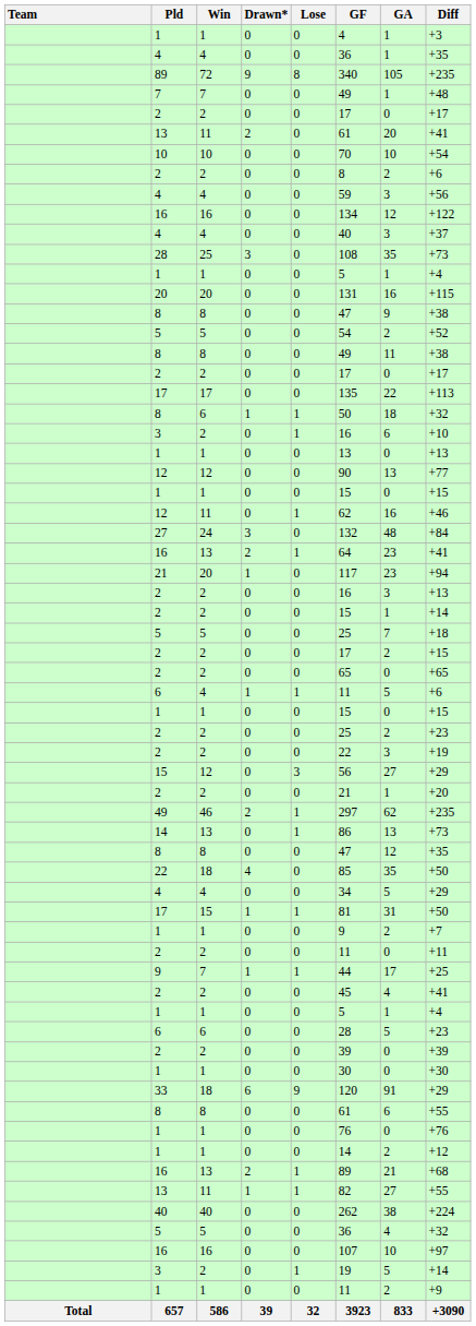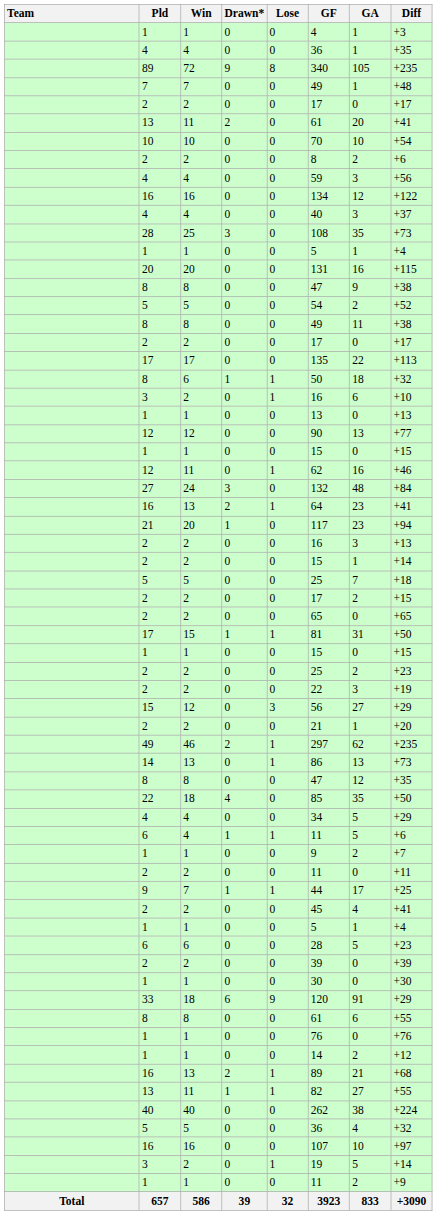 <table class="wikitable sortable collapsible ">
 <tr>
 <th style="width:180px; text-align:left;">Team</th>
 <th style="width:50px;">Pld</th>
 <th style="width:50px;">Win</th>
 <th style="width:50px;">Drawn*</th>
 <th style="width:50px;">Lose</th>
 <th style="width:50px;">GF</th>
 <th style="width:50px;">GA</th>
 <th style="width:50px;">Diff</th>
 </tr>
 <tr bgcolor=#CCFFCC>
 <td style="text-align:left;"></td>
 <td>1</td>
 <td>1</td>
 <td>0</td>
 <td>0</td>
 <td>4</td>
 <td>1</td>
 <td>+3</td>
 </tr>
 <tr bgcolor=#CCFFCC>
 <td style="text-align:left;"></td>
 <td>4</td>
 <td>4</td>
 <td>0</td>
 <td>0</td>
 <td>36</td>
 <td>1</td>
 <td>+35</td>
 </tr>
 <tr bgcolor=#CCFFCC>
 <td style="text-align:left;"></td>
 <td>89</td>
 <td>72</td>
 <td>9</td>
 <td>8</td>
 <td>340</td>
 <td>105</td>
 <td>+235</td>
 </tr>
 <tr bgcolor=#CCFFCC>
 <td style="text-align:left;"></td>
 <td>7</td>
 <td>7</td>
 <td>0</td>
 <td>0</td>
 <td>49</td>
 <td>1</td>
 <td>+48</td>
 </tr>
 <tr bgcolor=#CCFFCC>
 <td style="text-align:left;"></td>
 <td>2</td>
 <td>2</td>
 <td>0</td>
 <td>0</td>
 <td>17</td>
 <td>0</td>
 <td>+17</td>
 </tr>
 <tr bgcolor=#CCFFCC>
 <td style="text-align:left;"></td>
 <td>13</td>
 <td>11</td>
 <td>2</td>
 <td>0</td>
 <td>61</td>
 <td>20</td>
 <td>+41</td>
 </tr>
 <tr bgcolor=#CCFFCC>
 <td style="text-align:left;"></td>
 <td>10</td>
 <td>10</td>
 <td>0</td>
 <td>0</td>
 <td>70</td>
 <td>10</td>
 <td>+54</td>
 </tr>
 <tr bgcolor=#CCFFCC>
 <td style="text-align:left;"></td>
 <td>2</td>
 <td>2</td>
 <td>0</td>
 <td>0</td>
 <td>8</td>
 <td>2</td>
 <td>+6</td>
 </tr>
 <tr bgcolor=#CCFFCC>
 <td style="text-align:left;"></td>
 <td>4</td>
 <td>4</td>
 <td>0</td>
 <td>0</td>
 <td>59</td>
 <td>3</td>
 <td>+56</td>
 </tr>
 <tr bgcolor=#CCFFCC>
 <td style="text-align:left;"></td>
 <td>16</td>
 <td>16</td>
 <td>0</td>
 <td>0</td>
 <td>134</td>
 <td>12</td>
 <td>+122</td>
 </tr>
 <tr bgcolor=#CCFFCC>
 <td style="text-align:left;"></td>
 <td>4</td>
 <td>4</td>
 <td>0</td>
 <td>0</td>
 <td>40</td>
 <td>3</td>
 <td>+37</td>
 </tr>
 <tr bgcolor=#CCFFCC>
 <td style="text-align:left;"></td>
 <td>28</td>
 <td>25</td>
 <td>3</td>
 <td>0</td>
 <td>108</td>
 <td>35</td>
 <td>+73</td>
 </tr>
 <tr bgcolor=#CCFFCC>
 <td style="text-align:left;"></td>
 <td>1</td>
 <td>1</td>
 <td>0</td>
 <td>0</td>
 <td>5</td>
 <td>1</td>
 <td>+4</td>
 </tr>
 <tr bgcolor=#CCFFCC>
 <td style="text-align:left;"></td>
 <td>20</td>
 <td>20</td>
 <td>0</td>
 <td>0</td>
 <td>131</td>
 <td>16</td>
 <td>+115</td>
 </tr>
 <tr bgcolor=#CCFFCC>
 <td style="text-align:left;"></td>
 <td>8</td>
 <td>8</td>
 <td>0</td>
 <td>0</td>
 <td>47</td>
 <td>9</td>
 <td>+38</td>
 </tr>
 <tr bgcolor=#CCFFCC>
 <td style="text-align:left;"></td>
 <td>5</td>
 <td>5</td>
 <td>0</td>
 <td>0</td>
 <td>54</td>
 <td>2</td>
 <td>+52</td>
 </tr>
 <tr bgcolor=#CCFFCC>
 <td style="text-align:left;"></td>
 <td>8</td>
 <td>8</td>
 <td>0</td>
 <td>0</td>
 <td>49</td>
 <td>11</td>
 <td>+38</td>
 </tr>
 <tr bgcolor=#CCFFCC>
 <td style="text-align:left;"></td>
 <td>2</td>
 <td>2</td>
 <td>0</td>
 <td>0</td>
 <td>17</td>
 <td>0</td>
 <td>+17</td>
 </tr>
 <tr bgcolor=#CCFFCC>
 <td style="text-align:left;"></td>
 <td>17</td>
 <td>17</td>
 <td>0</td>
 <td>0</td>
 <td>135</td>
 <td>22</td>
 <td>+113</td>
 </tr>
 <tr bgcolor=#CCFFCC>
 <td style="text-align:left;"></td>
 <td>8</td>
 <td>6</td>
 <td>1</td>
 <td>1</td>
 <td>50</td>
 <td>18</td>
 <td>+32</td>
 </tr>
 <tr bgcolor=#CCFFCC>
 <td style="text-align:left;"></td>
 <td>3</td>
 <td>2</td>
 <td>0</td>
 <td>1</td>
 <td>16</td>
 <td>6</td>
 <td>+10</td>
 </tr>
 <tr bgcolor=#CCFFCC>
 <td style="text-align:left;"></td>
 <td>1</td>
 <td>1</td>
 <td>0</td>
 <td>0</td>
 <td>13</td>
 <td>0</td>
 <td>+13</td>
 </tr>
 <tr bgcolor=#CCFFCC>
 <td style="text-align:left;"></td>
 <td>12</td>
 <td>12</td>
 <td>0</td>
 <td>0</td>
 <td>90</td>
 <td>13</td>
 <td>+77</td>
 </tr>
 <tr bgcolor=#CCFFCC>
 <td style="text-align:left;"></td>
 <td>1</td>
 <td>1</td>
 <td>0</td>
 <td>0</td>
 <td>15</td>
 <td>0</td>
 <td>+15</td>
 </tr>
 <tr bgcolor=#CCFFCC>
 <td style="text-align:left;"></td>
 <td>12</td>
 <td>11</td>
 <td>0</td>
 <td>1</td>
 <td>62</td>
 <td>16</td>
 <td>+46</td>
 </tr>
 <tr bgcolor=#CCFFCC>
 <td style="text-align:left;"></td>
 <td>27</td>
 <td>24</td>
 <td>3</td>
 <td>0</td>
 <td>132</td>
 <td>48</td>
 <td>+84</td>
 </tr>
 <tr bgcolor=#CCFFCC>
 <td style="text-align:left;"></td>
 <td>16</td>
 <td>13</td>
 <td>2</td>
 <td>1</td>
 <td>64</td>
 <td>23</td>
 <td>+41</td>
 </tr>
 <tr bgcolor=#CCFFCC>
 <td style="text-align:left;"></td>
 <td>21</td>
 <td>20</td>
 <td>1</td>
 <td>0</td>
 <td>117</td>
 <td>23</td>
 <td>+94</td>
 </tr>
 <tr bgcolor=#CCFFCC>
 <td style="text-align:left;"></td>
 <td>2</td>
 <td>2</td>
 <td>0</td>
 <td>0</td>
 <td>16</td>
 <td>3</td>
 <td>+13</td>
 </tr>
 <tr bgcolor=#CCFFCC>
 <td style="text-align:left;"></td>
 <td>2</td>
 <td>2</td>
 <td>0</td>
 <td>0</td>
 <td>15</td>
 <td>1</td>
 <td>+14</td>
 </tr>
 <tr bgcolor=#CCFFCC>
 <td style="text-align:left;"></td>
 <td>5</td>
 <td>5</td>
 <td>0</td>
 <td>0</td>
 <td>25</td>
 <td>7</td>
 <td>+18</td>
 </tr>
 <tr bgcolor=#CCFFCC>
 <td style="text-align:left;"></td>
 <td>2</td>
 <td>2</td>
 <td>0</td>
 <td>0</td>
 <td>17</td>
 <td>2</td>
 <td>+15</td>
 </tr>
 <tr bgcolor=#CCFFCC>
 <td style="text-align:left;"></td>
 <td>2</td>
 <td>2</td>
 <td>0</td>
 <td>0</td>
 <td>65</td>
 <td>0</td>
 <td>+65</td>
 </tr>
 <tr bgcolor=#CCFFCC>
 <td style="text-align:left;"></td>
-<td>6</td>
-<td>4</td>
+<td>17</td>
+<td>15</td>
 <td>1</td>
 <td>1</td>
-<td>11</td>
-<td>5</td>
-<td>+6</td>
+<td>81</td>
+<td>31</td>
+<td>+50</td>
 </tr>
 <tr bgcolor=#CCFFCC>
 <td style="text-align:left;"></td>
 <td>1</td>
 <td>1</td>
 <td>0</td>
 <td>0</td>
 <td>15</td>
 <td>0</td>
 <td>+15</td>
 </tr>
 <tr bgcolor=#CCFFCC>
 <td style="text-align:left;"></td>
 <td>2</td>
 <td>2</td>
 <td>0</td>
 <td>0</td>
 <td>25</td>
 <td>2</td>
 <td>+23</td>
 </tr>
 <tr bgcolor=#CCFFCC>
 <td style="text-align:left;"></td>
 <td>2</td>
 <td>2</td>
 <td>0</td>
 <td>0</td>
 <td>22</td>
 <td>3</td>
 <td>+19</td>
 </tr>
 <tr bgcolor=#CCFFCC>
 <td style="text-align:left;"></td>
 <td>15</td>
 <td>12</td>
 <td>0</td>
 <td>3</td>
 <td>56</td>
 <td>27</td>
 <td>+29</td>
 </tr>
 <tr bgcolor=#CCFFCC>
 <td style="text-align:left;"></td>
 <td>2</td>
 <td>2</td>
 <td>0</td>
 <td>0</td>
 <td>21</td>
 <td>1</td>
 <td>+20</td>
 </tr>
 <tr bgcolor=#CCFFCC>
 <td style="text-align:left;"></td>
 <td>49</td>
 <td>46</td>
 <td>2</td>
 <td>1</td>
 <td>297</td>
 <td>62</td>
 <td>+235</td>
 </tr>
 <tr bgcolor=#CCFFCC>
 <td style="text-align:left;"></td>
 <td>14</td>
 <td>13</td>
 <td>0</td>
 <td>1</td>
 <td>86</td>
 <td>13</td>
 <td>+73</td>
 </tr>
 <tr bgcolor=#CCFFCC>
 <td style="text-align:left;"></td>
 <td>8</td>
 <td>8</td>
 <td>0</td>
 <td>0</td>
 <td>47</td>
 <td>12</td>
 <td>+35</td>
 </tr>
 <tr bgcolor=#CCFFCC>
 <td style="text-align:left;"></td>
 <td>22</td>
 <td>18</td>
 <td>4</td>
 <td>0</td>
 <td>85</td>
 <td>35</td>
 <td>+50</td>
 </tr>
 <tr bgcolor=#CCFFCC>
 <td style="text-align:left;"></td>
 <td>4</td>
 <td>4</td>
 <td>0</td>
 <td>0</td>
 <td>34</td>
 <td>5</td>
 <td>+29</td>
 </tr>
 <tr bgcolor=#CCFFCC>
 <td style="text-align:left;"></td>
-<td>17</td>
-<td>15</td>
+<td>6</td>
+<td>4</td>
 <td>1</td>
 <td>1</td>
-<td>81</td>
-<td>31</td>
-<td>+50</td>
+<td>11</td>
+<td>5</td>
+<td>+6</td>
 </tr>
 <tr bgcolor=#CCFFCC>
 <td style="text-align:left;"></td>
 <td>1</td>
 <td>1</td>
 <td>0</td>
 <td>0</td>
 <td>9</td>
 <td>2</td>
 <td>+7</td>
 </tr>
 <tr bgcolor=#CCFFCC>
 <td style="text-align:left;"></td>
 <td>2</td>
 <td>2</td>
 <td>0</td>
 <td>0</td>
 <td>11</td>
 <td>0</td>
 <td>+11</td>
 </tr>
 <tr bgcolor=#CCFFCC>
 <td style="text-align:left;"></td>
 <td>9</td>
 <td>7</td>
 <td>1</td>
 <td>1</td>
 <td>44</td>
 <td>17</td>
 <td>+25</td>
 </tr>
 <tr bgcolor=#CCFFCC>
 <td style="text-align:left;"></td>
 <td>2</td>
 <td>2</td>
 <td>0</td>
 <td>0</td>
 <td>45</td>
 <td>4</td>
 <td>+41</td>
 </tr>
 <tr bgcolor=#CCFFCC>
 <td style="text-align:left;"></td>
 <td>1</td>
 <td>1</td>
 <td>0</td>
 <td>0</td>
 <td>5</td>
 <td>1</td>
 <td>+4</td>
 </tr>
 <tr bgcolor=#CCFFCC>
 <td style="text-align:left;"></td>
 <td>6</td>
 <td>6</td>
 <td>0</td>
 <td>0</td>
 <td>28</td>
 <td>5</td>
 <td>+23</td>
 </tr>
 <tr bgcolor=#CCFFCC>
 <td style="text-align:left;"></td>
 <td>2</td>
 <td>2</td>
 <td>0</td>
 <td>0</td>
 <td>39</td>
 <td>0</td>
 <td>+39</td>
 </tr>
 <tr bgcolor=#CCFFCC>
 <td style="text-align:left;"></td>
 <td>1</td>
 <td>1</td>
 <td>0</td>
 <td>0</td>
 <td>30</td>
 <td>0</td>
 <td>+30</td>
 </tr>
 <tr bgcolor=#CCFFCC>
 <td style="text-align:left;"></td>
 <td>33</td>
 <td>18</td>
 <td>6</td>
 <td>9</td>
 <td>120</td>
 <td>91</td>
 <td>+29</td>
 </tr>
 <tr bgcolor=#CCFFCC>
 <td style="text-align:left;"></td>
 <td>8</td>
 <td>8</td>
 <td>0</td>
 <td>0</td>
 <td>61</td>
 <td>6</td>
 <td>+55</td>
 </tr>
 <tr bgcolor=#CCFFCC>
 <td style="text-align:left;"></td>
 <td>1</td>
 <td>1</td>
 <td>0</td>
 <td>0</td>
 <td>76</td>
 <td>0</td>
 <td>+76</td>
 </tr>
 <tr bgcolor=#CCFFCC>
 <td style="text-align:left;"></td>
 <td>1</td>
 <td>1</td>
 <td>0</td>
 <td>0</td>
 <td>14</td>
 <td>2</td>
 <td>+12</td>
 </tr>
 <tr bgcolor=#CCFFCC>
 <td style="text-align:left;"></td>
 <td>16</td>
 <td>13</td>
 <td>2</td>
 <td>1</td>
 <td>89</td>
 <td>21</td>
 <td>+68</td>
 </tr>
 <tr bgcolor=#CCFFCC>
 <td style="text-align:left;"></td>
 <td>13</td>
 <td>11</td>
 <td>1</td>
 <td>1</td>
 <td>82</td>
 <td>27</td>
 <td>+55</td>
 </tr>
 <tr bgcolor=#CCFFCC>
 <td style="text-align:left;"></td>
 <td>40</td>
 <td>40</td>
 <td>0</td>
 <td>0</td>
 <td>262</td>
 <td>38</td>
 <td>+224</td>
 </tr>
 <tr bgcolor=#CCFFCC>
 <td style="text-align:left;"></td>
 <td>5</td>
 <td>5</td>
 <td>0</td>
 <td>0</td>
 <td>36</td>
 <td>4</td>
 <td>+32</td>
 </tr>
 <tr bgcolor=#CCFFCC>
 <td style="text-align:left;"></td>
 <td>16</td>
 <td>16</td>
 <td>0</td>
 <td>0</td>
 <td>107</td>
 <td>10</td>
 <td>+97</td>
 </tr>
 <tr bgcolor=#CCFFCC>
 <td style="text-align:left;"></td>
 <td>3</td>
 <td>2</td>
 <td>0</td>
 <td>1</td>
 <td>19</td>
 <td>5</td>
 <td>+14</td>
 </tr>
 <tr bgcolor=#CCFFCC>
 <td style="text-align:left;"></td>
 <td>1</td>
 <td>1</td>
 <td>0</td>
 <td>0</td>
 <td>11</td>
 <td>2</td>
 <td>+9</td>
 </tr>
 <tr class="sortbottom">
 <th>Total</th>
 <th>657</th>
 <th>586</th>
 <th>39</th>
 <th>32</th>
 <th>3923</th>
 <th>833</th>
 <th>+3090</th>
 </tr>
 </table>
